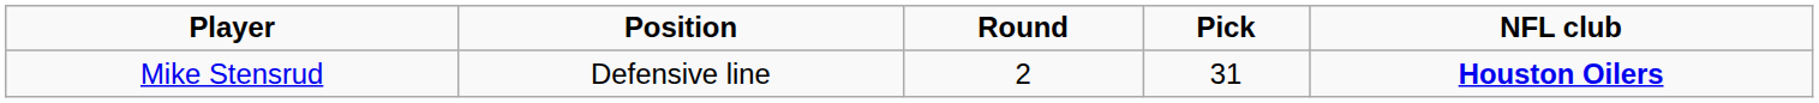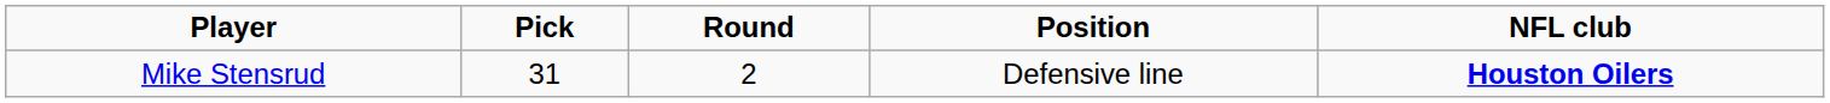 <table class="wikitable" width="80%">
 <tr align="center">
 <td><strong>Player</strong></td>
+<td><strong>Pick</strong></td>
+<td><strong>Round</strong></td>
 <td><strong>Position</strong></td>
-<td><strong>Round</strong></td>
-<td><strong>Pick</strong></td>
 <td><strong>NFL club</strong></td>
 </tr>
 <tr align="center" bgcolor="">
 <td><a href='#'>Mike Stensrud</a></td>
+<td>31</td>
+<td>2</td>
 <td>Defensive line</td>
-<td>2</td>
-<td>31</td>
 <td><strong><a href='#'>Houston Oilers</a></strong></td>
 </tr>
 </table>
